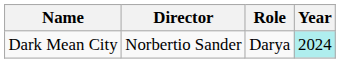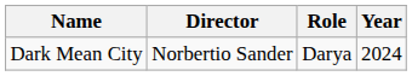 <table class="wikitable">
 <tr>
 <th>Name</th>
 <th>Director</th>
 <th>Role</th>
 <th>Year</th>
 </tr>
 <tr>
 <td>Dark Mean City</td>
 <td>Norbertio Sander</td>
 <td>Darya</td>
-<td style="background: paleturquoise;">2024</td>
+<td>2024</td>
 </tr>
 </table>
